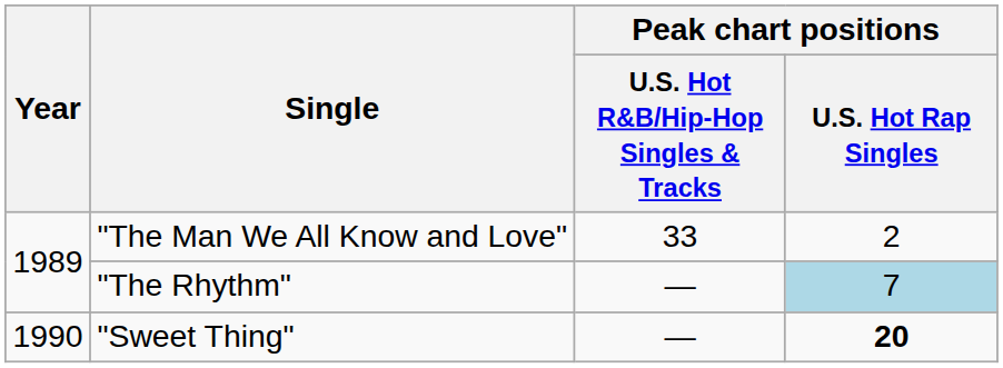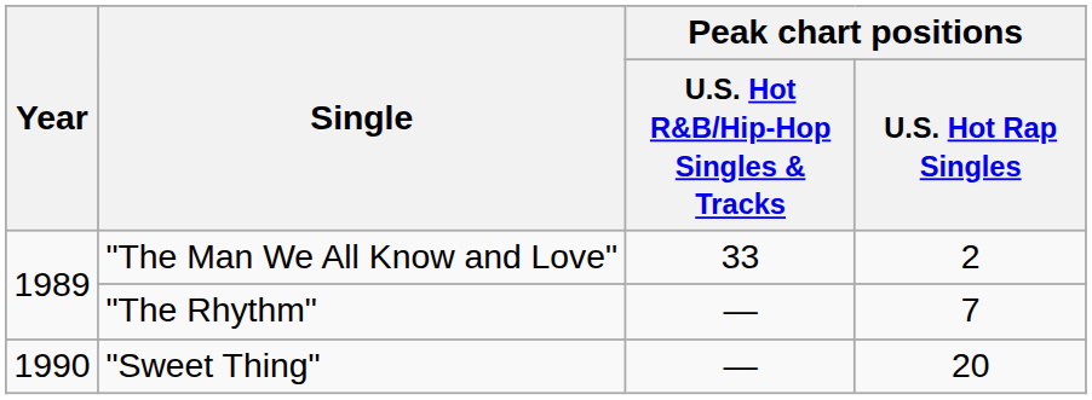 <table class="wikitable">
 <tr>
 <th rowspan="2">Year</th>
 <th rowspan="2">Single</th>
 <th colspan="2">Peak chart positions</th>
 </tr>
 <tr>
 <th width="100"><small>U.S. <a href='#'>Hot R&B/Hip-Hop Singles & Tracks</a></small></th>
 <th width="100"><small>U.S. <a href='#'>Hot Rap Singles</a></small></th>
 </tr>
 <tr>
 <td align="center" rowspan="2">1989</td>
 <td align="left">"The Man We All Know and Love"</td>
 <td align="center">33</td>
 <td align="center">2</td>
 </tr>
 <tr>
 <td align="left">"The Rhythm"</td>
 <td align="center">—</td>
-<td align="center" style="background: lightblue;">7</td>
+<td align="center">7</td>
 </tr>
 <tr>
 <td align="center">1990</td>
 <td align="left">"Sweet Thing"</td>
 <td align="center">—</td>
-<td align="center"><strong>20</strong></td>
+<td align="center">20</td>
 </tr>
 </table>
